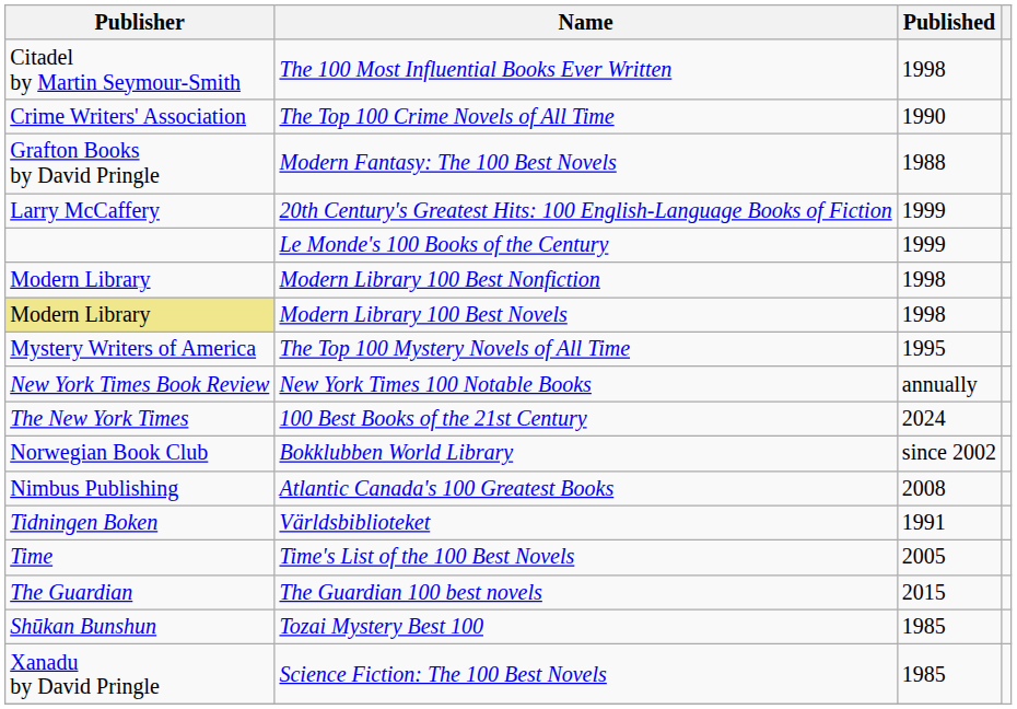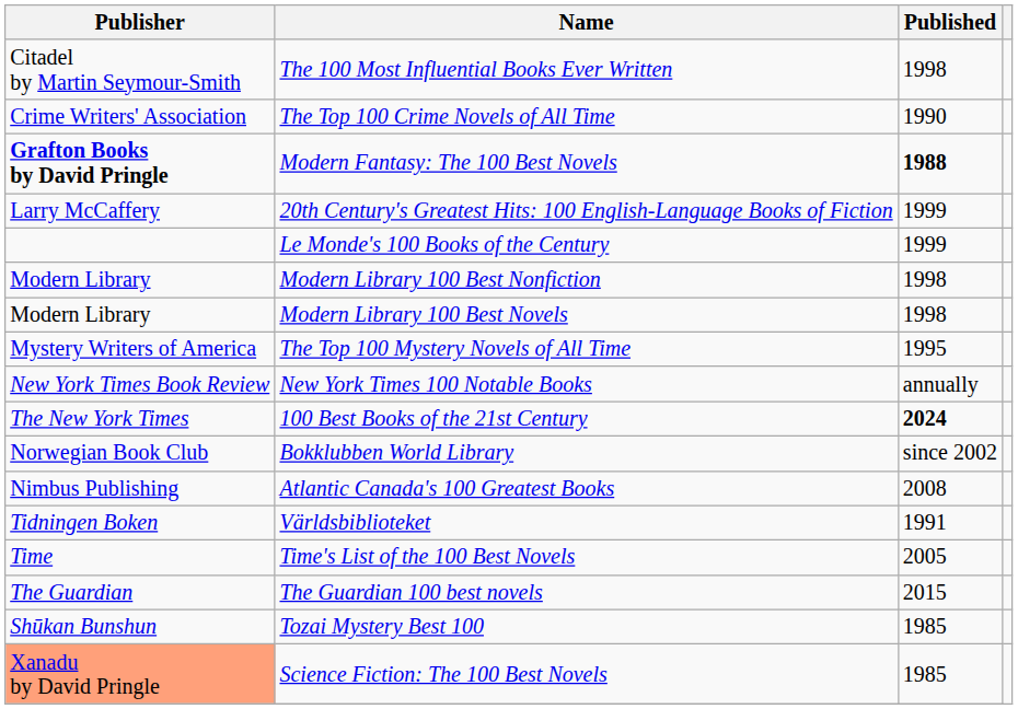 <table class="wikitable sortable">
 <tr>
 <th>Publisher</th>
 <th>Name</th>
 <th>Published</th>
 <th></th>
 </tr>
 <tr>
 <td>Citadel<br>by <a href='#'>Martin Seymour-Smith</a></td>
 <td><em><a href='#'>The 100 Most Influential Books Ever Written</a></em></td>
 <td>1998</td>
 <td></td>
 </tr>
 <tr>
 <td><a href='#'>Crime Writers' Association</a></td>
 <td><em><a href='#'>The Top 100 Crime Novels of All Time</a></em></td>
 <td>1990</td>
 <td></td>
 </tr>
 <tr>
-<td><a href='#'>Grafton Books</a> <br>by David Pringle</td>
+<td><strong><a href='#'>Grafton Books</a> <br>by David Pringle</strong></td>
 <td><em><a href='#'>Modern Fantasy: The 100 Best Novels</a></em></td>
-<td>1988</td>
+<td><strong>1988</strong></td>
 <td></td>
 </tr>
 <tr>
 <td><a href='#'>Larry McCaffery</a></td>
 <td><em><a href='#'>20th Century's Greatest Hits: 100 English-Language Books of Fiction</a></em></td>
 <td>1999</td>
 <td></td>
 </tr>
 <tr>
 <td></td>
 <td><em><a href='#'>Le Monde's 100 Books of the Century</a></em></td>
 <td>1999</td>
 <td></td>
 </tr>
 <tr>
 <td><a href='#'>Modern Library</a></td>
 <td><em><a href='#'>Modern Library 100 Best Nonfiction</a></em></td>
 <td>1998</td>
 <td></td>
 </tr>
 <tr>
-<td style="background: khaki;">Modern Library</td>
+<td>Modern Library</td>
 <td><em><a href='#'>Modern Library 100 Best Novels</a></em></td>
 <td>1998</td>
 <td></td>
 </tr>
 <tr>
 <td><a href='#'>Mystery Writers of America</a></td>
 <td><em><a href='#'>The Top 100 Mystery Novels of All Time</a></em></td>
 <td>1995</td>
 <td></td>
 </tr>
 <tr>
 <td><em><a href='#'>New York Times Book Review</a></em></td>
 <td><em><a href='#'>New York Times 100 Notable Books</a></em></td>
 <td>annually</td>
 <td></td>
 </tr>
 <tr>
 <td><em><a href='#'>The New York Times</a></em></td>
 <td><em><a href='#'>100 Best Books of the 21st Century</a></em></td>
-<td>2024</td>
+<td><strong>2024</strong></td>
 <td></td>
 </tr>
 <tr>
 <td><a href='#'>Norwegian Book Club</a></td>
 <td><em><a href='#'>Bokklubben World Library</a></em></td>
 <td>since 2002</td>
 <td></td>
 </tr>
 <tr>
 <td><a href='#'>Nimbus Publishing</a></td>
 <td><em><a href='#'>Atlantic Canada's 100 Greatest Books</a></em></td>
 <td>2008</td>
 <td></td>
 </tr>
 <tr>
 <td><em><a href='#'>Tidningen Boken</a></em></td>
 <td><em><a href='#'>Världsbiblioteket</a></em></td>
 <td>1991</td>
 <td></td>
 </tr>
 <tr>
 <td><em><a href='#'>Time</a></em></td>
 <td><em><a href='#'>Time's List of the 100 Best Novels</a></em></td>
 <td>2005</td>
 <td></td>
 </tr>
 <tr>
 <td><em><a href='#'>The Guardian</a></em></td>
 <td><em><a href='#'>The Guardian 100 best novels</a></em></td>
 <td>2015</td>
 <td></td>
 </tr>
 <tr>
 <td><em><a href='#'>Shūkan Bunshun</a></em></td>
 <td><em><a href='#'>Tozai Mystery Best 100</a></em></td>
 <td>1985</td>
 <td></td>
 </tr>
 <tr>
-<td><a href='#'>Xanadu</a> <br>by David Pringle</td>
+<td style="background: lightsalmon;"><a href='#'>Xanadu</a> <br>by David Pringle</td>
 <td><em><a href='#'>Science Fiction: The 100 Best Novels</a></em></td>
 <td>1985</td>
 </tr>
 <tr>
 </tr>
 </table>
